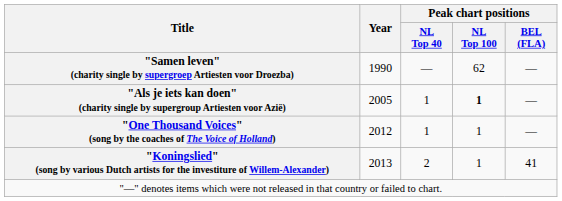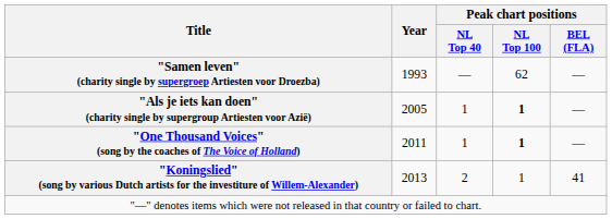 <table class="wikitable plainrowheaders" style="text-align:center;" border="1"mo>
 <tr>
 <th scope="col" rowspan="2" style="width:30em;">Title</th>
 <th scope="col" rowspan="2" style="width:3em;">Year</th>
 <th scope="col" colspan="3">Peak chart positions</th>
 </tr>
 <tr>
 <th scope="col" style="width:4.5em;font-size:90%;"><a href='#'>NL<br>Top 40</a><br></th>
 <th scope="col" style="width:4.5em;font-size:90%;"><a href='#'>NL<br>Top 100</a><br></th>
 <th scope="col" style="width:4.5em;font-size:90%;"><a href='#'>BEL<br>(FLA)</a><br></th>
 </tr>
 <tr>
 <th scope="row">"Samen leven"<br><small>(charity single by <a href='#'>supergroep</a> Artiesten voor Droezba)</small></th>
-<td rowspan="1">1990</td>
+<td rowspan="1">1993</td>
 <td>—</td>
 <td>62</td>
 <td>—</td>
 </tr>
 <tr>
 <th scope="row">"Als je iets kan doen"<br><small>(charity single by supergroup Artiesten voor Azië)</small></th>
 <td rowspan="1">2005</td>
 <td>1</td>
 <td><strong>1</strong></td>
 <td>—</td>
 </tr>
 <tr>
 <th scope="row">"<a href='#'>One Thousand Voices</a>"<br><small>(song by the coaches of <em><a href='#'>The Voice of Holland</a></em>)</small></th>
-<td rowspan="1">2012</td>
+<td rowspan="1">2011</td>
 <td>1</td>
-<td>1</td>
+<td><strong>1</strong></td>
 <td>—</td>
 </tr>
 <tr>
 <th scope="row">"<a href='#'>Koningslied</a>"<br><small>(song by various Dutch artists for the investiture of <a href='#'>Willem-Alexander</a>)</small></th>
 <td rowspan="1">2013</td>
 <td>2</td>
 <td>1</td>
 <td>41</td>
 </tr>
 <tr>
 <td colspan="7" align="center" style="font-size:90%;">"—" denotes items which were not released in that country or failed to chart.</td>
 </tr>
 </table>
